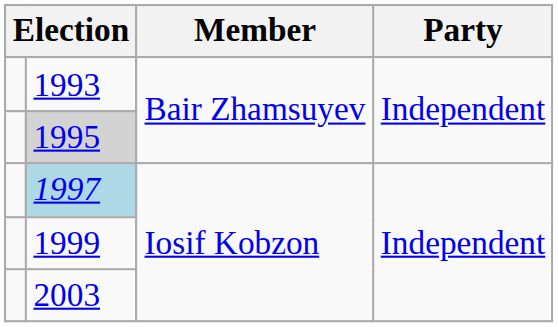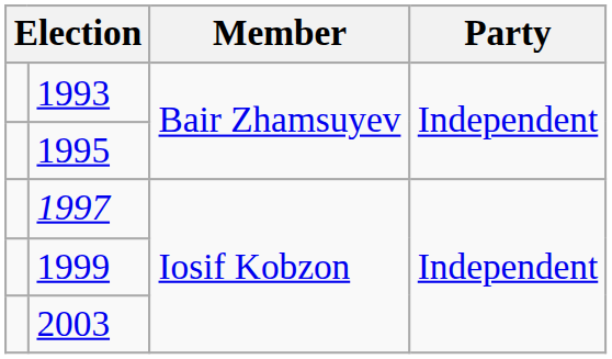 <table class="wikitable">
 <tr>
 <th colspan="2">Election</th>
 <th>Member</th>
 <th>Party</th>
 </tr>
 <tr>
 <td style="background-color:"></td>
 <td><a href='#'>1993</a></td>
 <td rowspan=2><a href='#'>Bair Zhamsuyev</a></td>
 <td rowspan=2><a href='#'>Independent</a></td>
 </tr>
 <tr>
 <td style="background-color:"></td>
-<td style="background: lightgrey;"><a href='#'>1995</a></td>
+<td><a href='#'>1995</a></td>
 </tr>
 <tr>
 <td style="background-color:"></td>
-<td style="background: lightblue;"><em><a href='#'>1997</a></em></td>
+<td><em><a href='#'>1997</a></em></td>
 <td rowspan=3><a href='#'>Iosif Kobzon</a></td>
 <td rowspan=3><a href='#'>Independent</a></td>
 </tr>
 <tr>
 <td style="background-color:"></td>
 <td><a href='#'>1999</a></td>
 </tr>
 <tr>
 <td style="background-color:"></td>
 <td><a href='#'>2003</a></td>
 </tr>
 </table>
